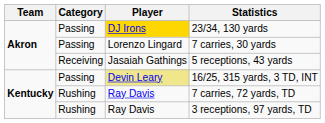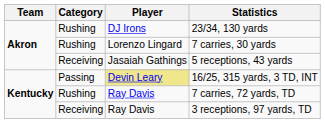 <table class="wikitable" style="float: right;">
 <tr>
 <th>Team</th>
 <th>Category</th>
 <th>Player</th>
 <th>Statistics</th>
 </tr>
 <tr>
 <td rowspan=3><strong>Akron</strong></td>
-<td>Passing</td>
-<td style="background: gold;"><a href='#'>DJ Irons</a></td>
+<td>Rushing</td>
+<td><a href='#'>DJ Irons</a></td>
 <td>23/34, 130 yards</td>
 </tr>
 <tr>
-<td>Passing</td>
+<td>Rushing</td>
 <td>Lorenzo Lingard</td>
 <td>7 carries, 30 yards</td>
 </tr>
 <tr>
 <td>Receiving</td>
 <td>Jasaiah Gathings</td>
 <td>5 receptions, 43 yards</td>
 </tr>
 <tr>
 <td rowspan=3><strong>Kentucky</strong></td>
 <td>Passing</td>
 <td style="background: khaki;"><a href='#'>Devin Leary</a></td>
 <td>16/25, 315 yards, 3 TD, INT</td>
 </tr>
 <tr>
 <td>Rushing</td>
 <td><a href='#'>Ray Davis</a></td>
 <td>7 carries, 72 yards, TD</td>
 </tr>
 <tr>
-<td>Rushing</td>
+<td>Receiving</td>
 <td>Ray Davis</td>
 <td>3 receptions, 97 yards, TD</td>
 </tr>
 </table>
